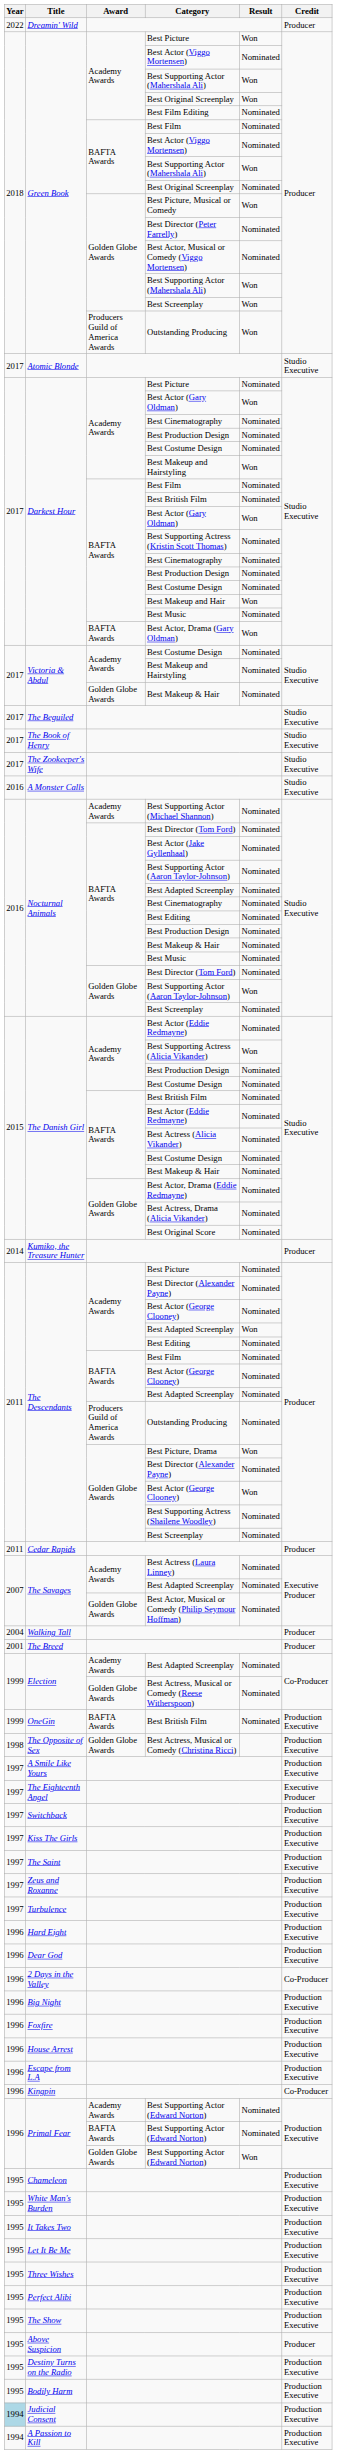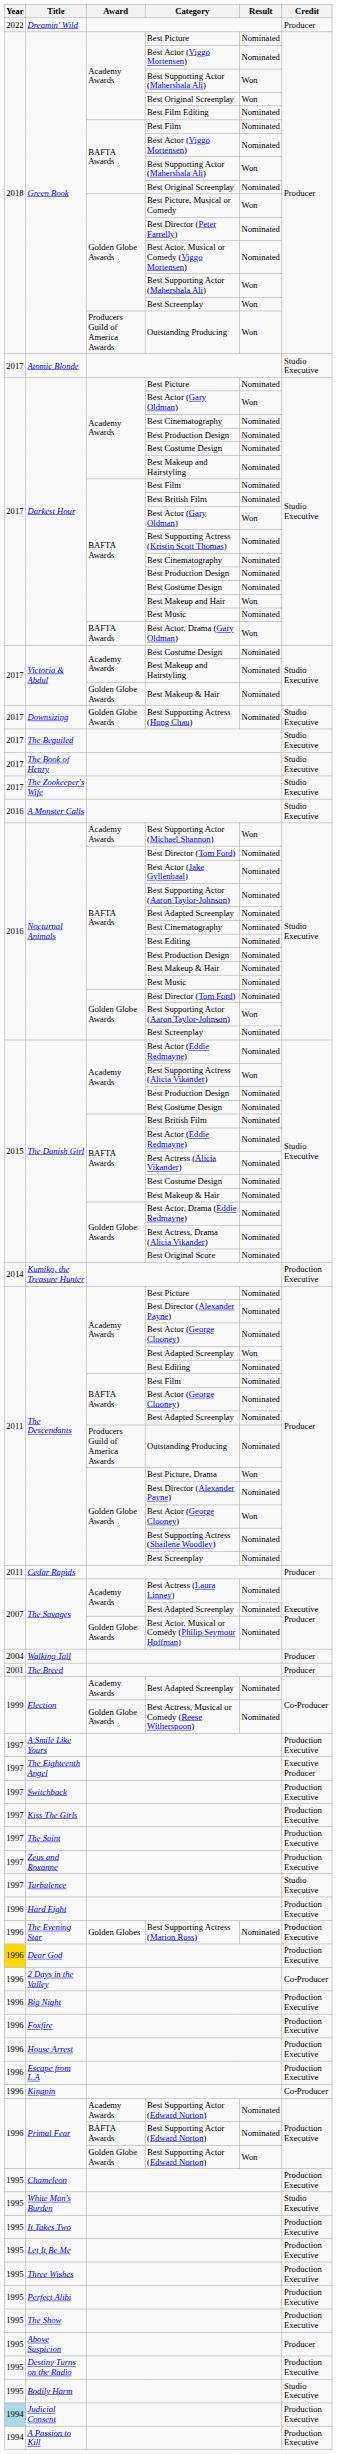 <table class="wikitable">
 <tr>
 <th>Year</th>
 <th>Title</th>
 <th>Award</th>
 <th>Category</th>
 <th>Result</th>
 <th>Credit</th>
 </tr>
 <tr>
 <td>2022</td>
 <td><em><a href='#'>Dreamin' Wild</a></em></td>
 <td colspan="3"></td>
 <td>Producer</td>
 </tr>
 <tr>
 <td rowspan="15">2018</td>
 <td rowspan="15"><em><a href='#'>Green Book</a></em></td>
 <td rowspan="5">Academy Awards</td>
 <td>Best Picture</td>
-<td>Won</td>
+<td>Nominated</td>
 <td rowspan="15">Producer</td>
 </tr>
 <tr>
 <td>Best Actor (<a href='#'>Viggo Mortensen</a>)</td>
 <td>Nominated</td>
 </tr>
 <tr>
 <td>Best Supporting Actor (<a href='#'>Mahershala Ali</a>)</td>
 <td>Won</td>
 </tr>
 <tr>
 <td>Best Original Screenplay</td>
 <td>Won</td>
 </tr>
 <tr>
 <td>Best Film Editing</td>
 <td>Nominated</td>
 </tr>
 <tr>
 <td rowspan="4">BAFTA Awards</td>
 <td>Best Film</td>
 <td>Nominated</td>
 </tr>
 <tr>
 <td>Best Actor (<a href='#'>Viggo Mortensen</a>)</td>
 <td>Nominated</td>
 </tr>
 <tr>
 <td>Best Supporting Actor (<a href='#'>Mahershala Ali</a>)</td>
 <td>Won</td>
 </tr>
 <tr>
 <td>Best Original Screenplay</td>
 <td>Nominated</td>
 </tr>
 <tr>
 <td rowspan="5">Golden Globe Awards</td>
 <td>Best Picture, Musical or Comedy</td>
 <td>Won</td>
 </tr>
 <tr>
 <td>Best Director (<a href='#'>Peter Farrelly</a>)</td>
 <td>Nominated</td>
 </tr>
 <tr>
 <td>Best Actor, Musical or Comedy (<a href='#'>Viggo Mortensen</a>)</td>
 <td>Nominated</td>
 </tr>
 <tr>
 <td>Best Supporting Actor (<a href='#'>Mahershala Ali</a>)</td>
 <td>Won</td>
 </tr>
 <tr>
 <td>Best Screenplay</td>
 <td>Won</td>
 </tr>
 <tr>
 <td>Producers Guild of America Awards</td>
 <td>Outstanding Producing</td>
 <td>Won</td>
 </tr>
 <tr>
 <td>2017</td>
 <td><em><a href='#'>Atomic Blonde</a></em></td>
 <td colspan="3"></td>
 <td>Studio Executive</td>
 </tr>
 <tr>
 <td rowspan="16">2017</td>
 <td rowspan="16"><em><a href='#'>Darkest Hour</a></em></td>
 <td rowspan="6">Academy Awards</td>
 <td>Best Picture</td>
 <td>Nominated</td>
 <td rowspan="16">Studio Executive</td>
 </tr>
 <tr>
 <td>Best Actor (<a href='#'>Gary Oldman</a>)</td>
 <td>Won</td>
 </tr>
 <tr>
 <td>Best Cinematography</td>
 <td>Nominated</td>
 </tr>
 <tr>
 <td>Best Production Design</td>
 <td>Nominated</td>
 </tr>
 <tr>
 <td>Best Costume Design</td>
 <td>Nominated</td>
 </tr>
 <tr>
 <td>Best Makeup and Hairstyling</td>
-<td>Won</td>
+<td>Nominated</td>
 </tr>
 <tr>
 <td rowspan="9">BAFTA Awards</td>
 <td>Best Film</td>
 <td>Nominated</td>
 </tr>
 <tr>
 <td>Best British Film</td>
 <td>Nominated</td>
 </tr>
 <tr>
 <td>Best Actor (<a href='#'>Gary Oldman</a>)</td>
 <td>Won</td>
 </tr>
 <tr>
 <td>Best Supporting Actress (<a href='#'>Kristin Scott Thomas</a>)</td>
 <td>Nominated</td>
 </tr>
 <tr>
 <td>Best Cinematography</td>
 <td>Nominated</td>
 </tr>
 <tr>
 <td>Best Production Design</td>
 <td>Nominated</td>
 </tr>
 <tr>
 <td>Best Costume Design</td>
 <td>Nominated</td>
 </tr>
 <tr>
 <td>Best Makeup and Hair</td>
 <td>Won</td>
 </tr>
 <tr>
 <td>Best Music</td>
 <td>Nominated</td>
 </tr>
 <tr>
 <td>BAFTA Awards</td>
 <td>Best Actor, Drama (<a href='#'>Gary Oldman</a>)</td>
 <td>Won</td>
 </tr>
 <tr>
 <td rowspan="3">2017</td>
 <td rowspan="3"><em><a href='#'>Victoria & Abdul</a></em></td>
 <td rowspan="2">Academy Awards</td>
 <td>Best Costume Design</td>
 <td>Nominated</td>
 <td rowspan="3">Studio Executive</td>
 </tr>
 <tr>
 <td>Best Makeup and Hairstyling</td>
 <td>Nominated</td>
 </tr>
 <tr>
 <td>Golden Globe Awards</td>
 <td>Best Makeup & Hair</td>
 <td>Nominated</td>
 </tr>
 <tr>
 <td>2017</td>
+<td><em><a href='#'>Downsizing</a></em></td>
+<td>Golden Globe Awards</td>
+<td>Best Supporting Actress (<a href='#'>Hong Chau</a>)</td>
+<td>Nominated</td>
+<td>Studio Executive</td>
+</tr>
+<tr>
+<td>2017</td>
 <td><em><a href='#'>The Beguiled</a></em></td>
 <td colspan="3"></td>
 <td>Studio Executive</td>
 </tr>
 <tr>
 <td>2017</td>
 <td><em><a href='#'>The Book of Henry</a></em></td>
 <td colspan="3"></td>
 <td>Studio Executive</td>
 </tr>
 <tr>
 <td>2017</td>
 <td><em><a href='#'>The Zookeeper's Wife</a></em></td>
 <td colspan="3"></td>
 <td>Studio Executive</td>
 </tr>
 <tr>
 <td>2016</td>
 <td><em><a href='#'>A Monster Calls</a></em></td>
 <td colspan="3"></td>
 <td>Studio Executive</td>
 </tr>
 <tr>
 <td rowspan="13">2016</td>
 <td rowspan="13"><em><a href='#'>Nocturnal Animals</a></em></td>
 <td>Academy Awards</td>
 <td>Best Supporting Actor (<a href='#'>Michael Shannon</a>)</td>
-<td>Nominated</td>
+<td>Won</td>
 <td rowspan="13">Studio Executive</td>
 </tr>
 <tr>
 <td rowspan="9">BAFTA Awards</td>
 <td>Best Director (<a href='#'>Tom Ford</a>)</td>
 <td>Nominated</td>
 </tr>
 <tr>
 <td>Best Actor (<a href='#'>Jake Gyllenhaal</a>)</td>
 <td>Nominated</td>
 </tr>
 <tr>
 <td>Best Supporting Actor (<a href='#'>Aaron Taylor-Johnson</a>)</td>
 <td>Nominated</td>
 </tr>
 <tr>
 <td>Best Adapted Screenplay</td>
 <td>Nominated</td>
 </tr>
 <tr>
 <td>Best Cinematography</td>
 <td>Nominated</td>
 </tr>
 <tr>
 <td>Best Editing</td>
 <td>Nominated</td>
 </tr>
 <tr>
 <td>Best Production Design</td>
 <td>Nominated</td>
 </tr>
 <tr>
 <td>Best Makeup & Hair</td>
 <td>Nominated</td>
 </tr>
 <tr>
 <td>Best Music</td>
 <td>Nominated</td>
 </tr>
 <tr>
 <td rowspan="3">Golden Globe Awards</td>
 <td>Best Director (<a href='#'>Tom Ford</a>)</td>
 <td>Nominated</td>
 </tr>
 <tr>
 <td>Best Supporting Actor (<a href='#'>Aaron Taylor-Johnson</a>)</td>
 <td>Won</td>
 </tr>
 <tr>
 <td>Best Screenplay</td>
 <td>Nominated</td>
 </tr>
 <tr>
 <td rowspan="12">2015</td>
 <td rowspan="12"><em><a href='#'>The Danish Girl</a></em></td>
 <td rowspan="4">Academy Awards</td>
 <td>Best Actor (<a href='#'>Eddie Redmayne</a>)</td>
 <td>Nominated</td>
 <td rowspan="12">Studio Executive</td>
 </tr>
 <tr>
 <td>Best Supporting Actress (<a href='#'>Alicia Vikander</a>)</td>
 <td>Won</td>
 </tr>
 <tr>
 <td>Best Production Design</td>
 <td>Nominated</td>
 </tr>
 <tr>
 <td>Best Costume Design</td>
 <td>Nominated</td>
 </tr>
 <tr>
 <td rowspan="5">BAFTA Awards</td>
 <td>Best British Film</td>
 <td>Nominated</td>
 </tr>
 <tr>
 <td>Best Actor (<a href='#'>Eddie Redmayne</a>)</td>
 <td>Nominated</td>
 </tr>
 <tr>
 <td>Best Actress (<a href='#'>Alicia Vikander</a>)</td>
 <td>Nominated</td>
 </tr>
 <tr>
 <td>Best Costume Design</td>
 <td>Nominated</td>
 </tr>
 <tr>
 <td>Best Makeup & Hair</td>
 <td>Nominated</td>
 </tr>
 <tr>
 <td rowspan="3">Golden Globe Awards</td>
 <td>Best Actor, Drama (<a href='#'>Eddie Redmayne</a>)</td>
 <td>Nominated</td>
 </tr>
 <tr>
 <td>Best Actress, Drama (<a href='#'>Alicia Vikander</a>)</td>
 <td>Nominated</td>
 </tr>
 <tr>
 <td>Best Original Score</td>
 <td>Nominated</td>
 </tr>
 <tr>
 <td>2014</td>
 <td><em><a href='#'>Kumiko, the Treasure Hunter</a></em></td>
 <td colspan="3"></td>
-<td>Producer</td>
+<td>Production Executive</td>
 </tr>
 <tr>
 <td rowspan="14">2011</td>
 <td rowspan="14"><em><a href='#'>The Descendants</a></em></td>
 <td rowspan="5">Academy Awards</td>
 <td>Best Picture</td>
 <td>Nominated</td>
 <td rowspan="14">Producer</td>
 </tr>
 <tr>
 <td>Best Director (<a href='#'>Alexander Payne</a>)</td>
 <td>Nominated</td>
 </tr>
 <tr>
 <td>Best Actor (<a href='#'>George Clooney</a>)</td>
 <td>Nominated</td>
 </tr>
 <tr>
 <td>Best Adapted Screenplay</td>
 <td>Won</td>
 </tr>
 <tr>
 <td>Best Editing</td>
 <td>Nominated</td>
 </tr>
 <tr>
 <td rowspan="3">BAFTA Awards</td>
 <td>Best Film</td>
 <td>Nominated</td>
 </tr>
 <tr>
 <td>Best Actor (<a href='#'>George Clooney</a>)</td>
 <td>Nominated</td>
 </tr>
 <tr>
 <td>Best Adapted Screenplay</td>
 <td>Nominated</td>
 </tr>
 <tr>
 <td>Producers Guild of America Awards</td>
 <td>Outstanding Producing</td>
 <td>Nominated</td>
 </tr>
 <tr>
 <td rowspan="5">Golden Globe Awards</td>
 <td>Best Picture, Drama</td>
 <td>Won</td>
 </tr>
 <tr>
 <td>Best Director (<a href='#'>Alexander Payne</a>)</td>
 <td>Nominated</td>
 </tr>
 <tr>
 <td>Best Actor (<a href='#'>George Clooney</a>)</td>
 <td>Won</td>
 </tr>
 <tr>
 <td>Best Supporting Actress (<a href='#'>Shailene Woodley</a>)</td>
 <td>Nominated</td>
 </tr>
 <tr>
 <td>Best Screenplay</td>
 <td>Nominated</td>
 </tr>
 <tr>
 <td>2011</td>
 <td><em><a href='#'>Cedar Rapids</a></em></td>
 <td colspan="3"></td>
 <td>Producer</td>
 </tr>
 <tr>
 <td rowspan="3">2007</td>
 <td rowspan="3"><em><a href='#'>The Savages</a></em></td>
 <td rowspan="2">Academy Awards</td>
 <td>Best Actress (<a href='#'>Laura Linney</a>)</td>
 <td>Nominated</td>
 <td rowspan="3">Executive Producer</td>
 </tr>
 <tr>
 <td>Best Adapted Screenplay</td>
 <td>Nominated</td>
 </tr>
 <tr>
 <td>Golden Globe Awards</td>
 <td>Best Actor, Musical or Comedy (<a href='#'>Philip Seymour Hoffman</a>)</td>
 <td>Nominated</td>
 </tr>
 <tr>
 <td>2004</td>
 <td><em><a href='#'>Walking Tall</a></em></td>
 <td colspan="3"></td>
 <td>Producer</td>
 </tr>
 <tr>
 <td>2001</td>
 <td><em><a href='#'>The Breed</a></em></td>
 <td colspan="3"></td>
 <td>Producer</td>
 </tr>
 <tr>
 <td rowspan="2">1999</td>
 <td rowspan="2"><em><a href='#'>Election</a></em></td>
 <td>Academy Awards</td>
 <td>Best Adapted Screenplay</td>
 <td>Nominated</td>
 <td rowspan="2">Co-Producer</td>
 </tr>
 <tr>
 <td>Golden Globe Awards</td>
 <td>Best Actress, Musical or Comedy (<a href='#'>Reese Witherspoon</a>)</td>
 <td>Nominated</td>
 </tr>
 <tr>
-<td>1999</td>
-<td><em><a href='#'>OneGin</a></em></td>
-<td>BAFTA Awards</td>
-<td>Best British Film</td>
-<td>Nominated</td>
-<td>Production Executive</td>
-</tr>
-<tr>
-<td>1998</td>
-<td><em><a href='#'>The Opposite of Sex</a></em></td>
-<td>Golden Globe Awards</td>
-<td>Best Actress, Musical or Comedy (<a href='#'>Christina Ricci</a>)</td>
-<td></td>
-<td>Production Executive</td>
-</tr>
-<tr>
 <td>1997</td>
 <td><em><a href='#'>A Smile Like Yours</a></em></td>
 <td colspan="3"></td>
 <td>Production Executive</td>
 </tr>
 <tr>
 <td>1997</td>
 <td><em><a href='#'>The Eighteenth Angel</a></em></td>
 <td colspan="3"></td>
 <td>Executive Producer</td>
 </tr>
 <tr>
 <td>1997</td>
 <td><em><a href='#'>Switchback</a></em></td>
 <td colspan="3"></td>
 <td>Production Executive</td>
 </tr>
 <tr>
 <td>1997</td>
 <td><em><a href='#'>Kiss The Girls</a></em></td>
 <td colspan="3"></td>
 <td>Production Executive</td>
 </tr>
 <tr>
 <td>1997</td>
 <td><em><a href='#'>The Saint</a></em></td>
 <td colspan="3"></td>
 <td>Production Executive</td>
 </tr>
 <tr>
 <td>1997</td>
 <td><em><a href='#'>Zeus and Roxanne</a></em></td>
 <td colspan="3"></td>
 <td>Production Executive</td>
 </tr>
 <tr>
 <td>1997</td>
 <td><em><a href='#'>Turbulence</a></em></td>
 <td colspan="3"></td>
-<td>Production Executive</td>
+<td>Studio Executive</td>
 </tr>
 <tr>
 <td>1996</td>
 <td><em><a href='#'>Hard Eight</a></em></td>
 <td colspan="3"></td>
 <td>Production Executive</td>
 </tr>
 <tr>
 <td>1996</td>
+<td><em><a href='#'>The Evening Star</a></em></td>
+<td>Golden Globes</td>
+<td>Best Supporting Actress (<a href='#'>Marion Ross</a>)</td>
+<td>Nominated</td>
+<td>Production Executive</td>
+</tr>
+<tr>
+<td style="background: gold;">1996</td>
 <td><em><a href='#'>Dear God</a></em></td>
 <td colspan="3"></td>
 <td>Production Executive</td>
 </tr>
 <tr>
 <td>1996</td>
 <td><em><a href='#'>2 Days in the Valley</a></em></td>
 <td colspan="3"></td>
 <td>Co-Producer</td>
 </tr>
 <tr>
 <td>1996</td>
 <td><em><a href='#'>Big Night</a></em></td>
 <td colspan="3"></td>
 <td>Production Executive</td>
 </tr>
 <tr>
 <td>1996</td>
 <td><em><a href='#'>Foxfire</a></em></td>
 <td colspan="3"></td>
 <td>Production Executive</td>
 </tr>
 <tr>
 <td>1996</td>
 <td><em><a href='#'>House Arrest</a></em></td>
 <td colspan="3"></td>
 <td>Production Executive</td>
 </tr>
 <tr>
 <td>1996</td>
 <td><em><a href='#'>Escape from L.A</a></em></td>
 <td colspan="3"></td>
 <td>Production Executive</td>
 </tr>
 <tr>
 <td>1996</td>
 <td><em><a href='#'>Kingpin</a></em></td>
 <td colspan="3"></td>
 <td>Co-Producer</td>
 </tr>
 <tr>
 <td rowspan="3">1996</td>
 <td rowspan="3"><em><a href='#'>Primal Fear</a></em></td>
 <td>Academy Awards</td>
 <td>Best Supporting Actor (<a href='#'>Edward Norton</a>)</td>
 <td>Nominated</td>
 <td rowspan="3">Production Executive</td>
 </tr>
 <tr>
 <td>BAFTA Awards</td>
 <td>Best Supporting Actor (<a href='#'>Edward Norton</a>)</td>
 <td>Nominated</td>
 </tr>
 <tr>
 <td>Golden Globe Awards</td>
 <td>Best Supporting Actor (<a href='#'>Edward Norton</a>)</td>
 <td>Won</td>
 </tr>
 <tr>
 <td>1995</td>
 <td><em><a href='#'>Chameleon</a></em></td>
 <td colspan="3"></td>
 <td>Production Executive</td>
 </tr>
 <tr>
 <td>1995</td>
 <td><em><a href='#'>White Man's Burden</a></em></td>
 <td colspan="3"></td>
-<td>Production Executive</td>
+<td>Studio Executive</td>
 </tr>
 <tr>
 <td>1995</td>
 <td><em><a href='#'>It Takes Two</a></em></td>
 <td colspan="3"></td>
 <td>Production Executive</td>
 </tr>
 <tr>
 <td>1995</td>
 <td><em><a href='#'>Let It Be Me</a></em></td>
 <td colspan="3"></td>
 <td>Production Executive</td>
 </tr>
 <tr>
 <td>1995</td>
 <td><em><a href='#'>Three Wishes</a></em></td>
 <td colspan="3"></td>
 <td>Production Executive</td>
 </tr>
 <tr>
 <td>1995</td>
 <td><em><a href='#'>Perfect Alibi</a></em></td>
 <td colspan="3"></td>
 <td>Production Executive</td>
 </tr>
 <tr>
 <td>1995</td>
 <td><em><a href='#'>The Show</a></em></td>
 <td colspan="3"></td>
 <td>Production Executive</td>
 </tr>
 <tr>
 <td>1995</td>
 <td><em><a href='#'>Above Suspicion</a></em></td>
 <td colspan="3"></td>
 <td>Producer</td>
 </tr>
 <tr>
 <td>1995</td>
 <td><em><a href='#'>Destiny Turns on the Radio</a></em></td>
 <td colspan="3"></td>
 <td>Production Executive</td>
 </tr>
 <tr>
 <td>1995</td>
 <td><em><a href='#'>Bodily Harm</a></em></td>
 <td colspan="3"></td>
-<td>Production Executive</td>
+<td>Studio Executive</td>
 </tr>
 <tr>
 <td style="background: lightblue;">1994</td>
 <td><em><a href='#'>Judicial Consent</a></em></td>
 <td colspan="3"></td>
 <td>Production Executive</td>
 </tr>
 <tr>
 <td>1994</td>
 <td><em><a href='#'>A Passion to Kill</a></em></td>
 <td colspan="3"></td>
 <td>Production Executive</td>
 </tr>
 </table>
